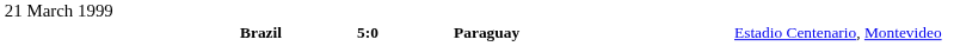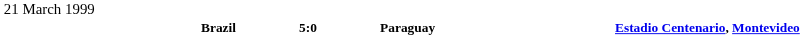 <table width=100% cellspacing=1>
 <tr>
 <th width=20%></th>
 <th width=12%></th>
 <th width=20%></th>
 <th width=33%></th>
 </tr>
 <tr>
 <td>21 March 1999</td>
 </tr>
 <tr style=font-size:90%>
 <td align=right><strong>Brazil</strong></td>
 <td align=center><strong>5:0</strong></td>
 <td><strong>Paraguay</strong></td>
-<td><a href='#'>Estadio Centenario</a>, <a href='#'>Montevideo</a></td>
+<td><strong><a href='#'>Estadio Centenario</a>, <a href='#'>Montevideo</a></strong></td>
 <td></td>
 </tr>
 </table>
